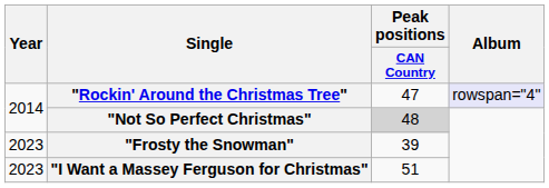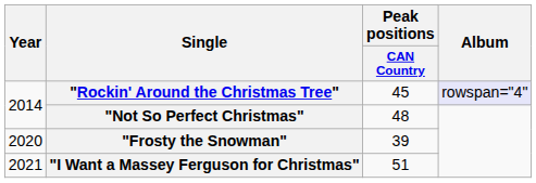 <table class="wikitable plainrowheaders" style="text-align:center;">
 <tr>
 <th rowspan="2">Year</th>
 <th rowspan="2">Single</th>
 <th>Peak positions</th>
 <th rowspan="2">Album</th>
 </tr>
 <tr style="font-size:smaller;">
 <th width="4em;"><a href='#'>CAN Country</a><br></th>
 </tr>
 <tr>
 <td rowspan="2">2014</td>
 <th scope="row">"<a href='#'>Rockin' Around the Christmas Tree</a>"</th>
-<td>47</td>
+<td>45</td>
 <td style="background: lavender;">rowspan="4" </td>
 </tr>
 <tr>
 <th scope="row">"Not So Perfect Christmas"</th>
-<td style="background: lightgrey;">48</td>
+<td>48</td>
 </tr>
 <tr>
-<td>2023</td>
+<td>2020</td>
 <th scope="row">"Frosty the Snowman"</th>
 <td>39</td>
 </tr>
 <tr>
-<td>2023</td>
+<td>2021</td>
 <th scope="row">"I Want a Massey Ferguson for Christmas"</th>
 <td>51</td>
 </tr>
 </table>
